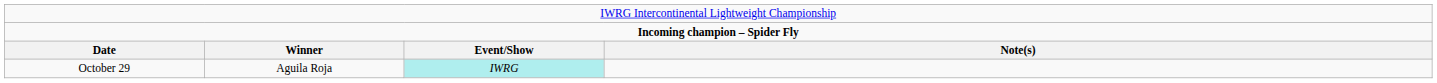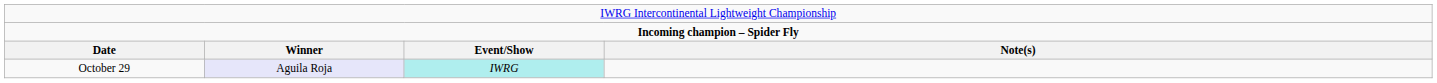 <table class="wikitable" style="text-align:center; width:100%;">
 <tr>
 <td colspan="5" style="text-align: center;"><a href='#'>IWRG Intercontinental Lightweight Championship</a></td>
 </tr>
 <tr>
 <td colspan="5" style="text-align: center;"><strong>Incoming champion – Spider Fly</strong></td>
 </tr>
 <tr>
 <th width=14%>Date</th>
 <th width=14%>Winner</th>
 <th width=14%>Event/Show</th>
 <th width=58%>Note(s)</th>
 </tr>
 <tr>
 <td>October 29</td>
-<td>Aguila Roja</td>
+<td style="background: lavender;">Aguila Roja</td>
 <td style="background: paleturquoise;"><em>IWRG</em></td>
 <td></td>
 </tr>
 </table>
